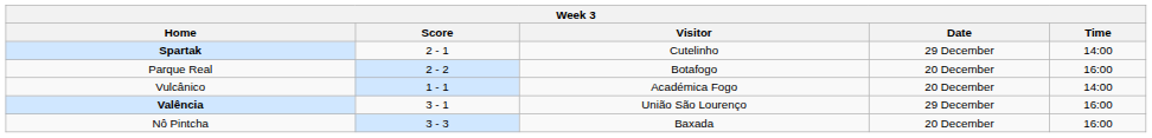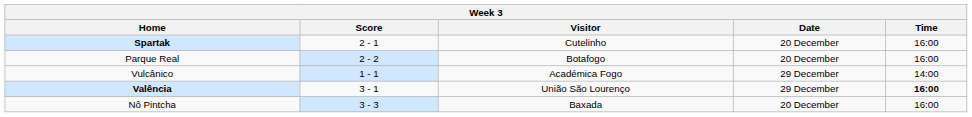 <table class="wikitable" style="margin:1em auto; font-size:95%; text-align: center; width: 95%;">
 <tr>
 <th colspan="12"  style="with:100%;">Week 3</th>
 </tr>
 <tr>
 <th style="width:200px;">Home</th>
 <th width="90">Score</th>
 <th style="width:200px;">Visitor</th>
 <th style="width:100px;">Date</th>
 <th style="width:50px;">Time</th>
 </tr>
 <tr>
 <td bgcolor=#D0E7FF><strong>Spartak</strong></td>
 <td>2 - 1</td>
 <td>Cutelinho</td>
-<td>29 December</td>
-<td>14:00</td>
+<td>20 December</td>
+<td>16:00</td>
 </tr>
 <tr>
 <td>Parque Real</td>
 <td bgcolor=#D0E7FF>2 - 2</td>
 <td>Botafogo</td>
 <td>20 December</td>
 <td>16:00</td>
 </tr>
 <tr>
 <td>Vulcânico</td>
 <td bgcolor=#D0E7FF>1 - 1</td>
 <td>Académica Fogo</td>
-<td>20 December</td>
+<td>29 December</td>
 <td>14:00</td>
 </tr>
 <tr>
 <td bgcolor=#D0E7FF><strong>Valência</strong></td>
 <td>3 - 1</td>
 <td>União São Lourenço</td>
 <td>29 December</td>
-<td>16:00</td>
+<td><strong>16:00</strong></td>
 </tr>
 <tr>
 <td>Nô Pintcha</td>
 <td bgcolor=#D0E7FF>3 - 3</td>
 <td>Baxada</td>
 <td>20 December</td>
 <td>16:00</td>
 </tr>
 </table>
